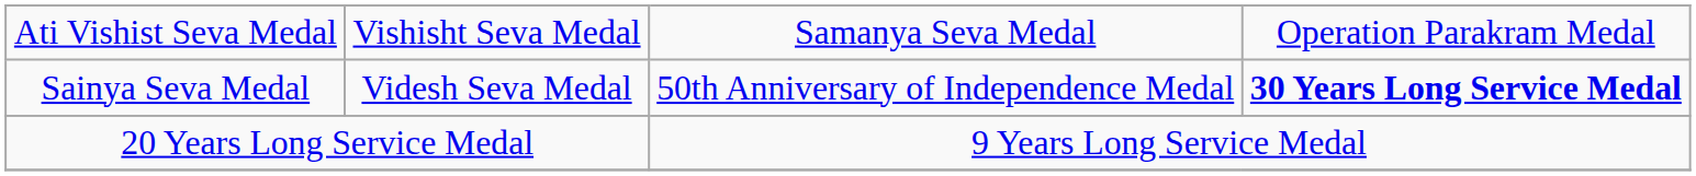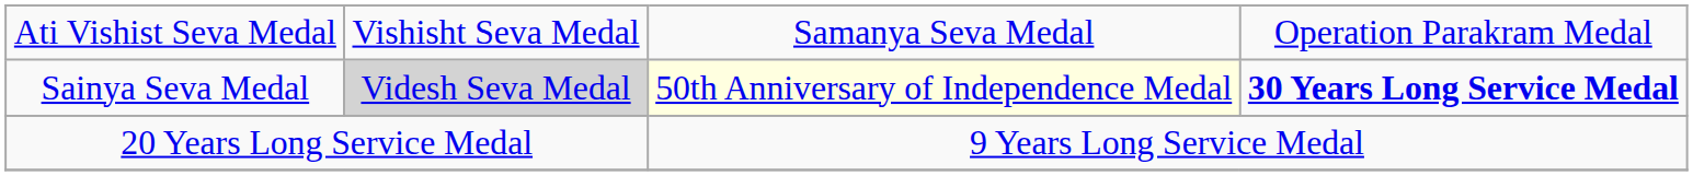 <table class="wikitable" style="margin:1em auto; text-align:center;">
 <tr>
 <td><a href='#'>Ati Vishist Seva Medal</a></td>
 <td><a href='#'>Vishisht Seva Medal</a></td>
 <td><a href='#'>Samanya Seva Medal</a></td>
 <td><a href='#'>Operation Parakram Medal</a></td>
 </tr>
 <tr>
 <td><a href='#'>Sainya Seva Medal</a></td>
-<td><a href='#'>Videsh Seva Medal</a></td>
-<td><a href='#'>50th Anniversary of Independence Medal</a></td>
+<td style="background: lightgrey;"><a href='#'>Videsh Seva Medal</a></td>
+<td style="background: lightyellow;"><a href='#'>50th Anniversary of Independence Medal</a></td>
 <td><strong><a href='#'>30 Years Long Service Medal</a></strong></td>
 </tr>
 <tr>
 <td colspan="2"><a href='#'>20 Years Long Service Medal</a></td>
 <td colspan="2"><a href='#'>9 Years Long Service Medal</a></td>
 </tr>
 <tr>
 </tr>
 </table>
